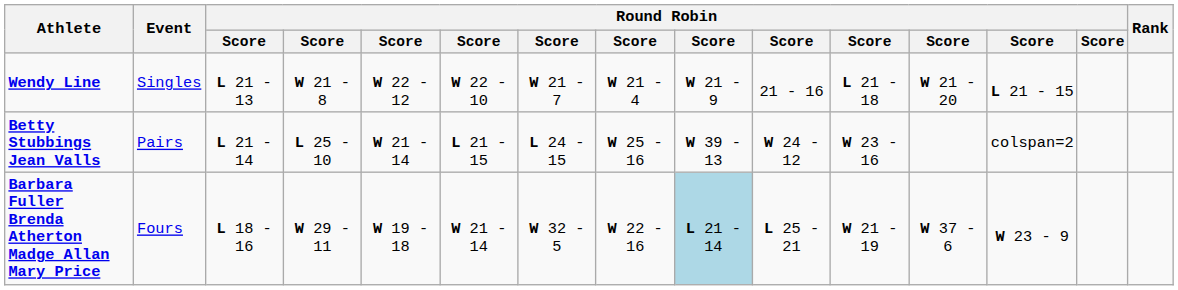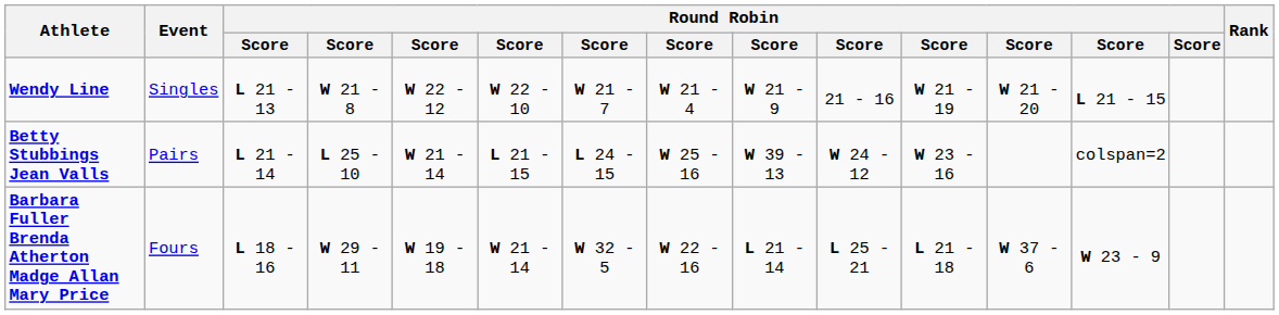 <table class="wikitable" style="font-size:88%; text-align:center">
 <tr>
 <th rowspan=2>Athlete</th>
 <th rowspan=2>Event</th>
 <th colspan=12>Round Robin</th>
 <th rowspan=2>Rank</th>
 </tr>
 <tr style="font-size:95%">
 <th>Score</th>
 <th>Score</th>
 <th>Score</th>
 <th>Score</th>
 <th>Score</th>
 <th>Score</th>
 <th>Score</th>
 <th>Score</th>
 <th>Score</th>
 <th>Score</th>
 <th>Score</th>
 <th>Score</th>
 </tr>
 <tr>
 <td align=left><strong><a href='#'>Wendy Line</a></strong></td>
 <td align=left><a href='#'>Singles</a></td>
 <td><br><strong>L</strong> 21 - 13</td>
 <td><br><strong>W</strong> 21 - 8</td>
 <td><br><strong>W</strong> 22 - 12</td>
 <td><br><strong>W</strong> 22 - 10</td>
 <td><br><strong>W</strong> 21 - 7</td>
 <td><br><strong>W</strong> 21 - 4</td>
 <td><br><strong>W</strong> 21 - 9</td>
 <td><br> 21 - 16</td>
-<td><br><strong>L</strong> 21 - 18</td>
+<td><br><strong>W</strong> 21 - 19</td>
 <td><br><strong>W</strong> 21 - 20</td>
 <td><br><strong>L</strong> 21 - 15</td>
 <td></td>
 <td></td>
 </tr>
 <tr>
 <td align=left><strong><a href='#'>Betty Stubbings</a></strong><br><strong><a href='#'>Jean Valls</a></strong></td>
 <td align=left><a href='#'>Pairs</a></td>
 <td><br><strong>L</strong> 21 - 14</td>
 <td><br><strong>L</strong> 25 - 10</td>
 <td><br><strong>W</strong> 21 - 14</td>
 <td><br><strong>L</strong> 21 - 15</td>
 <td><br><strong>L</strong> 24 - 15</td>
 <td><br><strong>W</strong> 25 - 16</td>
 <td><br><strong>W</strong> 39 - 13</td>
 <td><br><strong>W</strong> 24 - 12</td>
 <td><br><strong>W</strong> 23 - 16</td>
 <td></td>
 <td>colspan=2 </td>
 <td></td>
 </tr>
 <tr align=centre>
 <td align=left><strong><a href='#'>Barbara Fuller</a></strong><br><strong><a href='#'>Brenda Atherton</a></strong><br><strong><a href='#'>Madge Allan</a></strong><br><strong><a href='#'>Mary Price</a></strong></td>
 <td align=left><a href='#'>Fours</a></td>
 <td><br><strong>L</strong> 18 - 16</td>
 <td><br><strong>W</strong> 29 - 11</td>
 <td><br><strong>W</strong> 19 - 18</td>
 <td><br><strong>W</strong> 21 - 14</td>
 <td><br><strong>W</strong> 32 - 5</td>
 <td><br><strong>W</strong> 22 - 16</td>
-<td style="background: lightblue;"><br><strong>L</strong> 21 - 14</td>
+<td><br><strong>L</strong> 21 - 14</td>
 <td><br><strong>L</strong> 25 - 21</td>
-<td><br><strong>W</strong> 21 - 19</td>
+<td><br><strong>L</strong> 21 - 18</td>
 <td><br><strong>W</strong> 37 - 6</td>
 <td><br><strong>W</strong> 23 - 9</td>
 <td></td>
 <td></td>
 </tr>
 </table>
